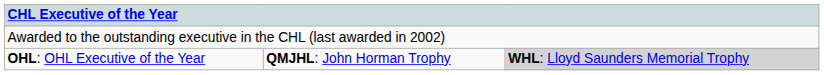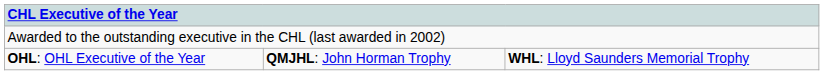 <table class="wikitable" width="75%">
 <tr style="font-weight:bold; background-color:#ccdddd;" |>
 <td colspan="3"><a href='#'>CHL Executive of the Year</a></td>
 </tr>
 <tr>
 <td colspan="3">Awarded to the outstanding executive in the CHL (last awarded in 2002)</td>
 </tr>
 <tr>
 <td><strong>OHL</strong>: <a href='#'>OHL Executive of the Year</a></td>
 <td><strong>QMJHL</strong>: <a href='#'>John Horman Trophy</a></td>
-<td style="background: lightgrey;"><strong>WHL</strong>: <a href='#'>Lloyd Saunders Memorial Trophy</a></td>
+<td><strong>WHL</strong>: <a href='#'>Lloyd Saunders Memorial Trophy</a></td>
 </tr>
 </table>
